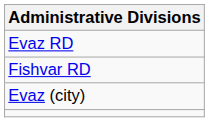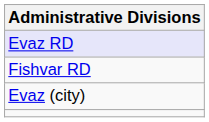 <table class="wikitable">
 <tr>
 <th>Administrative Divisions</th>
 </tr>
 <tr>
-<td><a href='#'>Evaz RD</a></td>
+<td style="background: lavender;"><a href='#'>Evaz RD</a></td>
 </tr>
 <tr>
 <td><a href='#'>Fishvar RD</a></td>
 </tr>
 <tr>
 <td><a href='#'>Evaz</a> (city)</td>
 </tr>
 <tr>
 <td colspan=1></td>
 </tr>
 </table>
